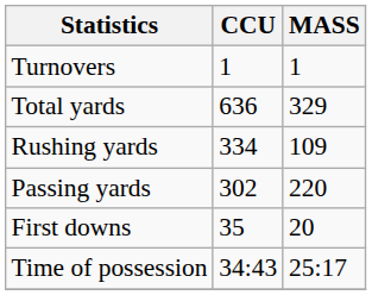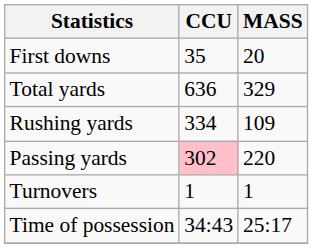 <table class="wikitable">
 <tr>
 <th>Statistics</th>
 <th>CCU</th>
 <th>MASS</th>
 </tr>
 <tr>
-<td>Turnovers</td>
-<td>1</td>
-<td>1</td>
+<td>First downs</td>
+<td>35</td>
+<td>20</td>
 </tr>
 <tr>
 <td>Total yards</td>
 <td>636</td>
 <td>329</td>
 </tr>
 <tr>
 <td>Rushing yards</td>
 <td>334</td>
 <td>109</td>
 </tr>
 <tr>
 <td>Passing yards</td>
-<td>302</td>
+<td style="background: pink;">302</td>
 <td>220</td>
 </tr>
 <tr>
-<td>First downs</td>
-<td>35</td>
-<td>20</td>
+<td>Turnovers</td>
+<td>1</td>
+<td>1</td>
 </tr>
 <tr>
 <td>Time of possession</td>
 <td>34:43</td>
 <td>25:17</td>
 </tr>
 <tr>
 </tr>
 </table>
